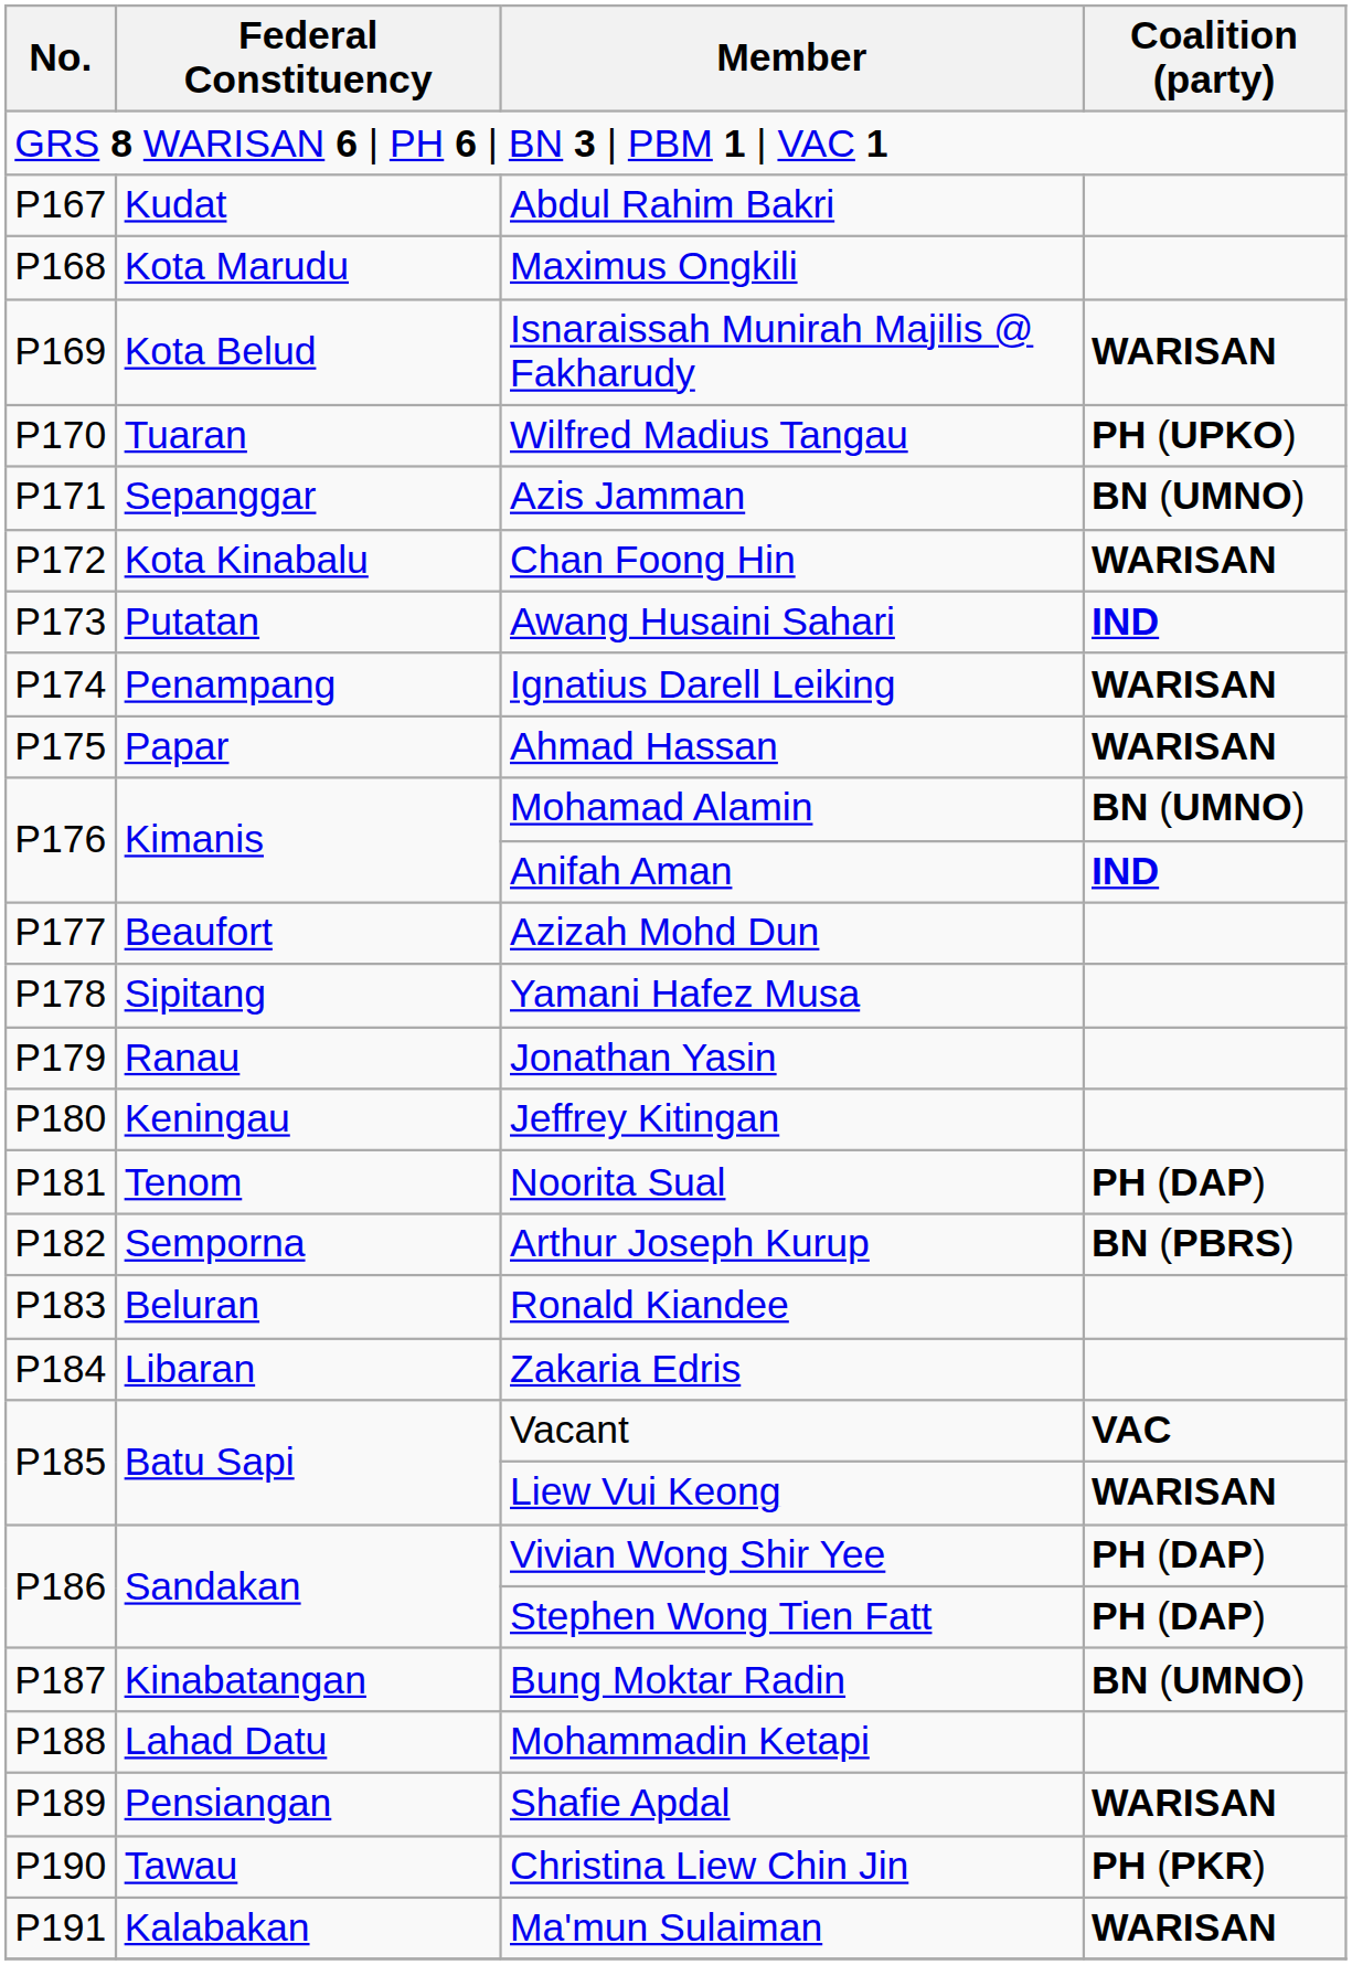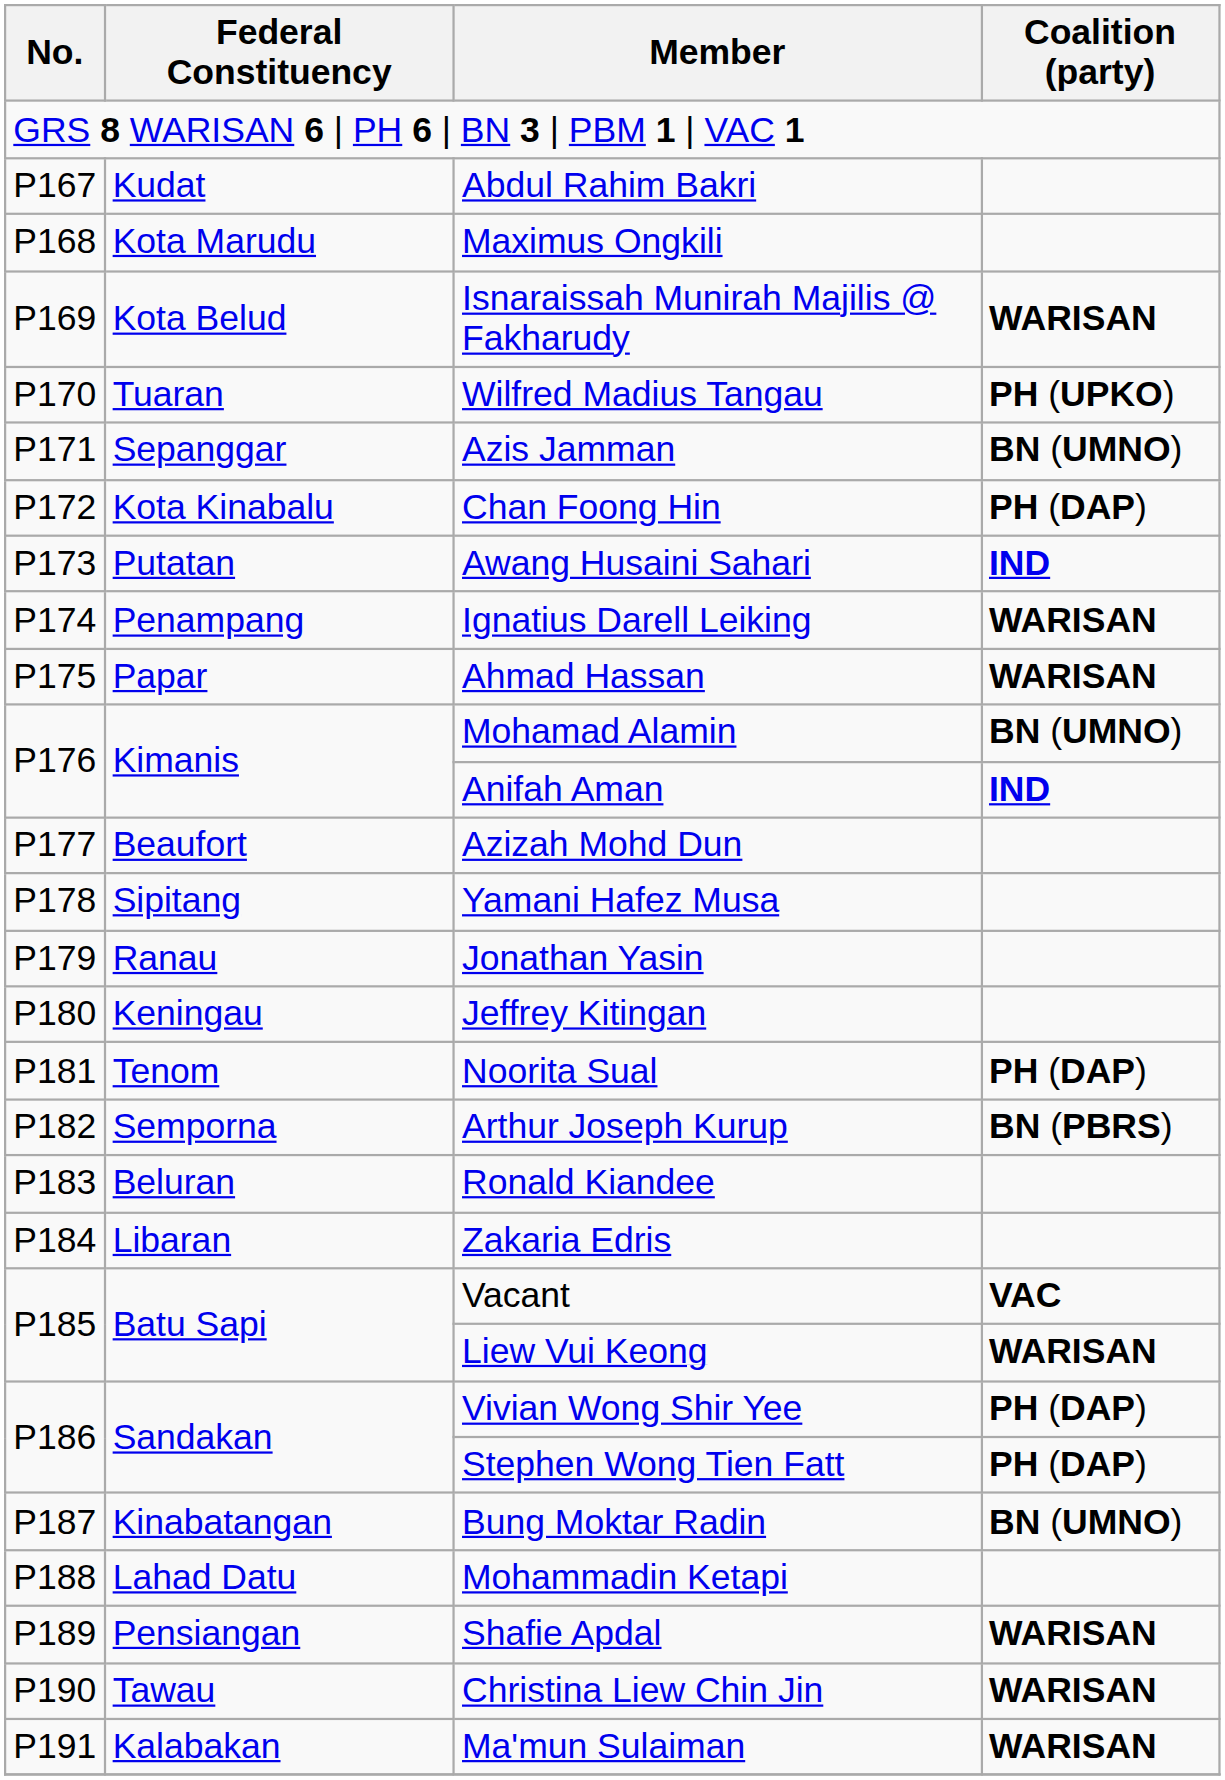 <table class="wikitable sortable">
 <tr>
 <th style="width:30px;">No.</th>
 <th style="width:150px;">Federal Constituency</th>
 <th style="width:230px;">Member</th>
 <th style="width:100px;">Coalition (party)</th>
 </tr>
 <tr>
 <td colspan="4"><a href='#'>GRS</a> <strong>8</strong> <a href='#'>WARISAN</a> <strong>6</strong> | <a href='#'>PH</a> <strong>6</strong> | <a href='#'>BN</a> <strong>3</strong> | <a href='#'>PBM</a>  <strong>1</strong> |  <a href='#'>VAC</a> <strong>1</strong></td>
 </tr>
 <tr>
 <td>P167</td>
 <td><a href='#'>Kudat</a></td>
 <td><a href='#'>Abdul Rahim Bakri</a></td>
 <td></td>
 </tr>
 <tr>
 <td>P168</td>
 <td><a href='#'>Kota Marudu</a></td>
 <td><a href='#'>Maximus Ongkili</a></td>
 <td></td>
 </tr>
 <tr>
 <td>P169</td>
 <td><a href='#'>Kota Belud</a></td>
 <td><a href='#'>Isnaraissah Munirah Majilis @ Fakharudy</a></td>
 <td><strong>WARISAN</strong></td>
 </tr>
 <tr>
 <td>P170</td>
 <td><a href='#'>Tuaran</a></td>
 <td><a href='#'>Wilfred Madius Tangau</a></td>
 <td><strong>PH</strong> (<strong>UPKO</strong>)</td>
 </tr>
 <tr>
 <td>P171</td>
 <td><a href='#'>Sepanggar</a></td>
 <td><a href='#'>Azis Jamman</a></td>
 <td><strong>BN</strong> (<strong>UMNO</strong>)</td>
 </tr>
 <tr>
 <td>P172</td>
 <td><a href='#'>Kota Kinabalu</a></td>
 <td><a href='#'>Chan Foong Hin</a></td>
-<td><strong>WARISAN</strong></td>
+<td><strong>PH</strong> (<strong>DAP</strong>)</td>
 </tr>
 <tr>
 <td>P173</td>
 <td><a href='#'>Putatan</a></td>
 <td><a href='#'>Awang Husaini Sahari</a></td>
 <td><strong><a href='#'>IND</a></strong></td>
 </tr>
 <tr>
 <td>P174</td>
 <td><a href='#'>Penampang</a></td>
 <td><a href='#'>Ignatius Darell Leiking</a></td>
 <td><strong>WARISAN</strong></td>
 </tr>
 <tr>
 <td>P175</td>
 <td><a href='#'>Papar</a></td>
 <td><a href='#'>Ahmad Hassan</a></td>
 <td><strong>WARISAN</strong></td>
 </tr>
 <tr>
 <td rowspan="2">P176</td>
 <td rowspan="2"><a href='#'>Kimanis</a></td>
 <td><a href='#'>Mohamad Alamin</a> </td>
 <td><strong>BN</strong> (<strong>UMNO</strong>)</td>
 </tr>
 <tr>
 <td><a href='#'>Anifah Aman</a> </td>
 <td><strong><a href='#'>IND</a></strong></td>
 </tr>
 <tr>
 <td>P177</td>
 <td><a href='#'>Beaufort</a></td>
 <td><a href='#'>Azizah Mohd Dun</a></td>
 <td></td>
 </tr>
 <tr>
 <td>P178</td>
 <td><a href='#'>Sipitang</a></td>
 <td><a href='#'>Yamani Hafez Musa</a></td>
 <td></td>
 </tr>
 <tr>
 <td>P179</td>
 <td><a href='#'>Ranau</a></td>
 <td><a href='#'>Jonathan Yasin</a></td>
 <td></td>
 </tr>
 <tr>
 <td>P180</td>
 <td><a href='#'>Keningau</a></td>
 <td><a href='#'>Jeffrey Kitingan</a></td>
 <td></td>
 </tr>
 <tr>
 <td>P181</td>
 <td><a href='#'>Tenom</a></td>
 <td><a href='#'>Noorita Sual</a></td>
 <td><strong>PH</strong> (<strong>DAP</strong>)</td>
 </tr>
 <tr>
 <td>P182</td>
 <td><a href='#'>Semporna</a></td>
 <td><a href='#'>Arthur Joseph Kurup</a></td>
 <td><strong>BN</strong> (<strong>PBRS</strong>)</td>
 </tr>
 <tr>
 <td>P183</td>
 <td><a href='#'>Beluran</a></td>
 <td><a href='#'>Ronald Kiandee</a></td>
 <td></td>
 </tr>
 <tr>
 <td>P184</td>
 <td><a href='#'>Libaran</a></td>
 <td><a href='#'>Zakaria Edris</a></td>
 <td></td>
 </tr>
 <tr>
 <td rowspan="2">P185</td>
 <td rowspan="2"><a href='#'>Batu Sapi</a></td>
 <td>Vacant </td>
 <td><strong>VAC</strong></td>
 </tr>
 <tr>
 <td><a href='#'>Liew Vui Keong</a> </td>
 <td><strong>WARISAN</strong></td>
 </tr>
 <tr>
 <td rowspan="2">P186</td>
 <td rowspan="2"><a href='#'>Sandakan</a></td>
 <td><a href='#'>Vivian Wong Shir Yee</a> </td>
 <td><strong>PH</strong> (<strong>DAP</strong>)</td>
 </tr>
 <tr>
 <td><a href='#'>Stephen Wong Tien Fatt</a> </td>
 <td><strong>PH</strong> (<strong>DAP</strong>)</td>
 </tr>
 <tr>
 <td>P187</td>
 <td><a href='#'>Kinabatangan</a></td>
 <td><a href='#'>Bung Moktar Radin</a></td>
 <td><strong>BN</strong> (<strong>UMNO</strong>)</td>
 </tr>
 <tr>
 <td>P188</td>
 <td><a href='#'>Lahad Datu</a></td>
 <td><a href='#'>Mohammadin Ketapi</a></td>
 <td></td>
 </tr>
 <tr>
 <td>P189</td>
 <td><a href='#'>Pensiangan</a></td>
 <td><a href='#'>Shafie Apdal</a></td>
 <td><strong>WARISAN</strong></td>
 </tr>
 <tr>
 <td>P190</td>
 <td><a href='#'>Tawau</a></td>
 <td><a href='#'>Christina Liew Chin Jin</a></td>
-<td><strong>PH</strong> (<strong>PKR</strong>)</td>
+<td><strong>WARISAN</strong></td>
 </tr>
 <tr>
 <td>P191</td>
 <td><a href='#'>Kalabakan</a></td>
 <td><a href='#'>Ma'mun Sulaiman</a></td>
 <td><strong>WARISAN</strong></td>
 </tr>
 <tr>
 </tr>
 </table>
